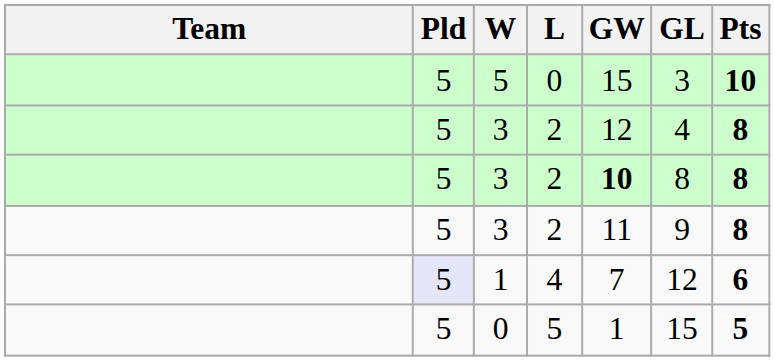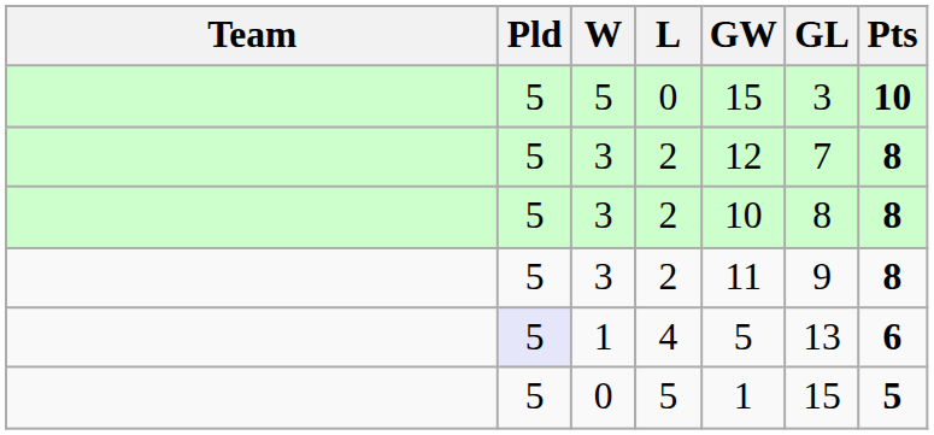 <table class="wikitable" style="text-align:center">
 <tr>
 <th width=200>Team</th>
 <th width=20>Pld</th>
 <th width=20>W</th>
 <th width=20>L</th>
 <th width=20>GW</th>
 <th width=20>GL</th>
 <th width=20>Pts</th>
 </tr>
 <tr bgcolor=ccffcc>
 <td style="text-align:left;"></td>
 <td>5</td>
 <td>5</td>
 <td>0</td>
 <td>15</td>
 <td>3</td>
 <td><strong>10</strong></td>
 </tr>
 <tr bgcolor=ccffcc>
 <td style="text-align:left;"></td>
 <td>5</td>
 <td>3</td>
 <td>2</td>
 <td>12</td>
-<td>4</td>
+<td>7</td>
 <td><strong>8</strong></td>
 </tr>
 <tr bgcolor=ccffcc>
 <td style="text-align:left;"></td>
 <td>5</td>
 <td>3</td>
 <td>2</td>
-<td><strong>10</strong></td>
+<td>10</td>
 <td>8</td>
 <td><strong>8</strong></td>
 </tr>
 <tr>
 <td style="text-align:left;"></td>
 <td>5</td>
 <td>3</td>
 <td>2</td>
 <td>11</td>
 <td>9</td>
 <td><strong>8</strong></td>
 </tr>
 <tr>
 <td style="text-align:left;"></td>
 <td style="background: lavender;">5</td>
 <td>1</td>
 <td>4</td>
-<td>7</td>
-<td>12</td>
+<td>5</td>
+<td>13</td>
 <td><strong>6</strong></td>
 </tr>
 <tr>
 <td style="text-align:left;"></td>
 <td>5</td>
 <td>0</td>
 <td>5</td>
 <td>1</td>
 <td>15</td>
 <td><strong>5</strong></td>
 </tr>
 </table>
